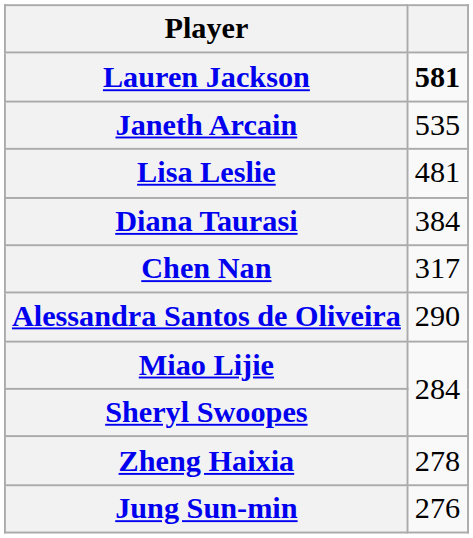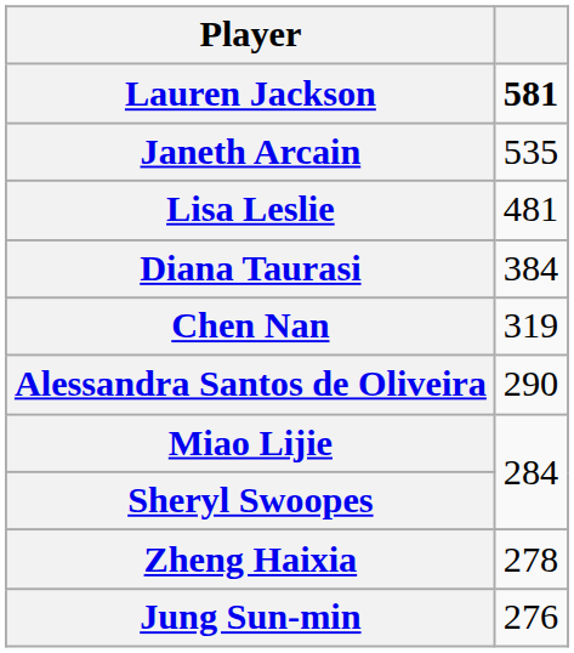 <table class="wikitable sortable plainrowheaders" style="text-align:center; margin-right:1.5em; display:inline-table;">
 <tr>
 <th scope="col">Player</th>
 <th scope="col"></th>
 </tr>
 <tr>
 <th scope="row"> <a href='#'>Lauren Jackson</a></th>
 <td><strong>581</strong></td>
 </tr>
 <tr>
 <th scope="row"> <a href='#'>Janeth Arcain</a></th>
 <td>535</td>
 </tr>
 <tr>
 <th scope="row"> <a href='#'>Lisa Leslie</a></th>
 <td>481</td>
 </tr>
 <tr>
 <th scope="row"> <a href='#'>Diana Taurasi</a></th>
 <td>384</td>
 </tr>
 <tr>
 <th scope="row"> <a href='#'>Chen Nan</a></th>
-<td>317</td>
+<td>319</td>
 </tr>
 <tr>
 <th scope="row"> <a href='#'>Alessandra Santos de Oliveira</a></th>
 <td>290</td>
 </tr>
 <tr>
 <th scope="row"> <a href='#'>Miao Lijie</a></th>
 <td rowspan="2">284</td>
 </tr>
 <tr>
 <th scope="row"> <a href='#'>Sheryl Swoopes</a></th>
 </tr>
 <tr>
 <th scope="row"> <a href='#'>Zheng Haixia</a></th>
 <td>278</td>
 </tr>
 <tr>
 <th scope="row"> <a href='#'>Jung Sun-min</a></th>
 <td>276</td>
 </tr>
 </table>
